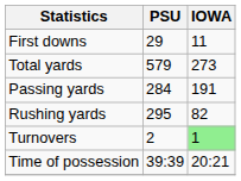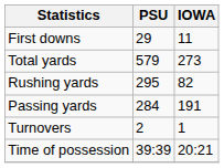 <table class="wikitable">
 <tr>
 <th>Statistics</th>
 <th>PSU</th>
 <th>IOWA</th>
 </tr>
 <tr>
 <td>First downs</td>
 <td>29</td>
 <td>11</td>
 </tr>
 <tr>
 <td>Total yards</td>
 <td>579</td>
 <td>273</td>
 </tr>
 <tr>
+<td>Rushing yards</td>
+<td>295</td>
+<td>82</td>
+</tr>
+<tr>
 <td>Passing yards</td>
 <td>284</td>
 <td>191</td>
 </tr>
 <tr>
-<td>Rushing yards</td>
-<td>295</td>
-<td>82</td>
-</tr>
-<tr>
 <td>Turnovers</td>
 <td>2</td>
-<td style="background: lightgreen;">1</td>
+<td>1</td>
 </tr>
 <tr>
 <td>Time of possession</td>
 <td>39:39</td>
 <td>20:21</td>
 </tr>
 <tr>
 </tr>
 </table>
